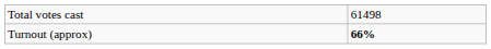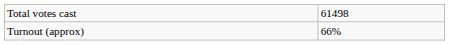 <table class="wikitable" style="width:630px">
 <tr>
 <td>Total votes cast</td>
 <td>61498</td>
 </tr>
 <tr>
 <td>Turnout (approx)</td>
-<td><strong>66%</strong></td>
+<td>66%</td>
 </tr>
 </table>
